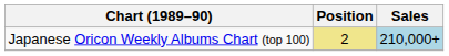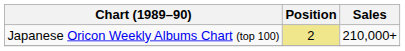 <table class="wikitable">
 <tr>
 <th>Chart (1989–90)</th>
 <th>Position</th>
 <th>Sales</th>
 </tr>
 <tr>
 <td>Japanese <a href='#'>Oricon Weekly Albums Chart</a> <small>(top 100)</small></td>
 <td align="center" style="background: khaki;">2</td>
-<td style="background: lightblue;">210,000+</td>
+<td>210,000+</td>
 </tr>
 <tr>
 </tr>
 </table>
